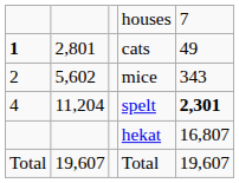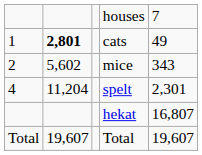 <table class="wikitable">
 <tr>
 <td></td>
 <td></td>
 <td></td>
 <td>houses</td>
 <td>7</td>
 </tr>
 <tr>
-<td><strong>1</strong></td>
-<td>2,801</td>
+<td>1</td>
+<td><strong>2,801</strong></td>
 <td></td>
 <td>cats</td>
 <td>49</td>
 </tr>
 <tr>
 <td>2</td>
 <td>5,602</td>
 <td></td>
 <td>mice</td>
 <td>343</td>
 </tr>
 <tr>
 <td>4</td>
 <td>11,204</td>
 <td></td>
 <td><a href='#'>spelt</a></td>
-<td><strong>2,301 </strong></td>
+<td>2,301 </td>
 </tr>
 <tr>
 <td></td>
 <td></td>
 <td></td>
 <td><a href='#'>hekat</a></td>
 <td>16,807</td>
 </tr>
 <tr>
 <td>Total</td>
 <td>19,607</td>
 <td></td>
 <td>Total</td>
 <td>19,607</td>
 </tr>
 </table>
